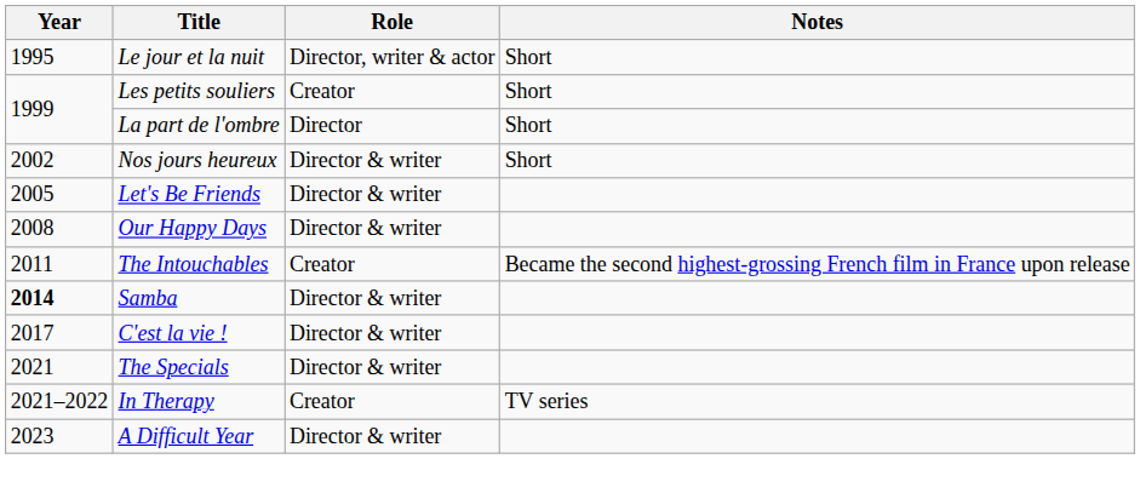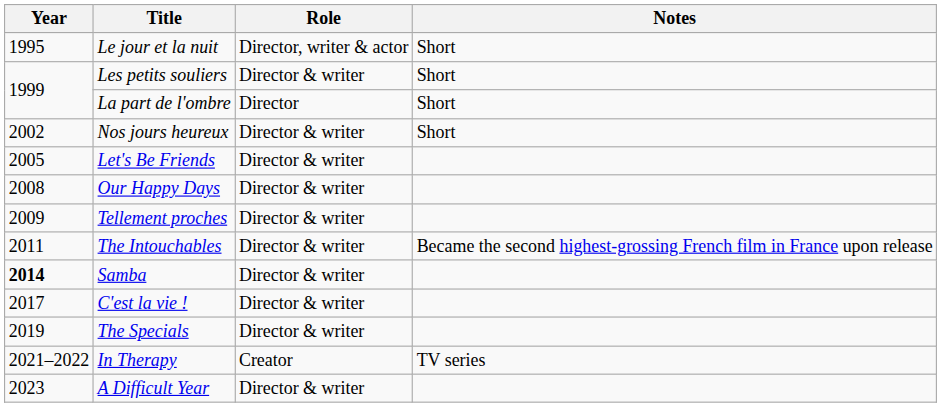 <table class="wikitable sortable">
 <tr>
 <th>Year</th>
 <th>Title</th>
 <th>Role</th>
 <th class="unsortable">Notes</th>
 </tr>
 <tr>
 <td>1995</td>
 <td><em>Le jour et la nuit</em></td>
 <td>Director, writer & actor</td>
 <td>Short</td>
 </tr>
 <tr>
 <td rowspan=2>1999</td>
 <td><em>Les petits souliers</em></td>
-<td>Creator</td>
+<td>Director & writer</td>
 <td>Short</td>
 </tr>
 <tr>
 <td><em>La part de l'ombre</em></td>
 <td>Director</td>
 <td>Short</td>
 </tr>
 <tr>
 <td>2002</td>
 <td><em>Nos jours heureux</em></td>
 <td>Director & writer</td>
 <td>Short</td>
 </tr>
 <tr>
 <td>2005</td>
 <td><em><a href='#'>Let's Be Friends</a></em></td>
 <td>Director & writer</td>
 <td></td>
 </tr>
 <tr>
 <td>2008</td>
 <td><em><a href='#'> Our  Happy Days</a></em></td>
 <td>Director & writer</td>
 <td></td>
 </tr>
 <tr>
+<td>2009</td>
+<td><em><a href='#'>Tellement proches</a></em></td>
+<td>Director & writer</td>
+<td></td>
+</tr>
+<tr>
 <td>2011</td>
 <td><em><a href='#'>The Intouchables</a></em></td>
-<td>Creator</td>
+<td>Director & writer</td>
 <td>Became the second <a href='#'>highest-grossing French film in France</a> upon release</td>
 </tr>
 <tr>
 <td><strong>2014</strong></td>
 <td><em><a href='#'>Samba</a></em></td>
 <td>Director & writer</td>
 <td></td>
 </tr>
 <tr>
 <td>2017</td>
 <td><em><a href='#'>C'est la vie !</a></em></td>
 <td>Director & writer</td>
 <td></td>
 </tr>
 <tr>
-<td>2021</td>
+<td>2019</td>
 <td><em><a href='#'>The Specials</a></em></td>
 <td>Director & writer</td>
 <td></td>
 </tr>
 <tr>
 <td>2021–2022</td>
 <td><em><a href='#'>In Therapy</a></em></td>
 <td>Creator</td>
 <td>TV series</td>
 </tr>
 <tr>
 <td>2023</td>
 <td><em><a href='#'>A Difficult Year</a></em></td>
 <td>Director & writer</td>
 <td></td>
 </tr>
 </table>
